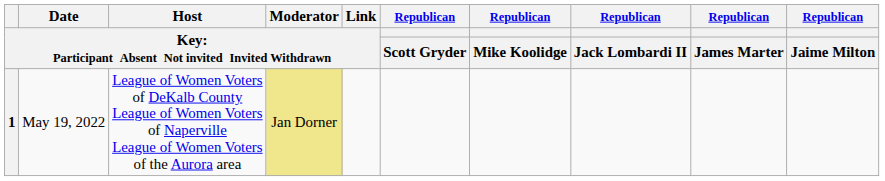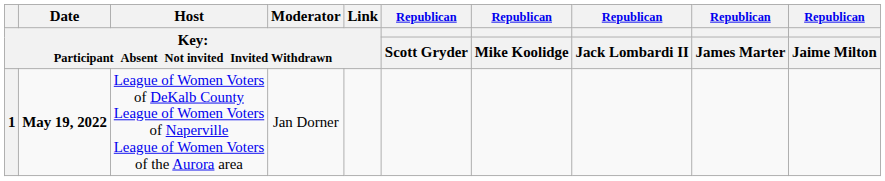 <table class="wikitable" style="text-align:center;">
 <tr>
 <th scope="col"></th>
 <th scope="col">Date</th>
 <th scope="col">Host</th>
 <th scope="col">Moderator</th>
 <th scope="col">Link</th>
 <th scope="col"><small><a href='#'>Republican</a></small></th>
 <th scope="col"><small><a href='#'>Republican</a></small></th>
 <th scope="col"><small><a href='#'>Republican</a></small></th>
 <th scope="col"><small><a href='#'>Republican</a></small></th>
 <th scope="col"><small><a href='#'>Republican</a></small></th>
 </tr>
 <tr>
 <th colspan="5" rowspan="2">Key:<br> <small>Participant </small>  <small>Absent </small>  <small>Not invited </small>  <small>Invited  Withdrawn</small></th>
 <th scope="col" style="background:"></th>
 <th scope="col" style="background:"></th>
 <th scope="col" style="background:"></th>
 <th scope="col" style="background:"></th>
 <th scope="col" style="background:"></th>
 </tr>
 <tr>
 <th scope="col">Scott Gryder</th>
 <th scope="col">Mike Koolidge</th>
 <th scope="col">Jack Lombardi II</th>
 <th scope="col">James Marter</th>
 <th scope="col">Jaime Milton</th>
 </tr>
 <tr>
 <th>1</th>
-<td style="white-space:nowrap;">May 19, 2022</td>
+<td style="white-space:nowrap;"><strong>May 19, 2022</strong></td>
 <td style="white-space:nowrap;"><a href='#'>League of Women Voters</a><br>of <a href='#'>DeKalb County</a><br><a href='#'>League of Women Voters</a><br>of <a href='#'>Naperville</a><br><a href='#'>League of Women Voters</a><br>of the <a href='#'>Aurora</a> area</td>
-<td style="background: khaki; white-space:nowrap;">Jan Dorner</td>
+<td style="white-space:nowrap;">Jan Dorner</td>
 <td style="white-space:nowrap;"></td>
 <td></td>
 <td></td>
 <td></td>
 <td></td>
 <td></td>
 </tr>
 </table>
